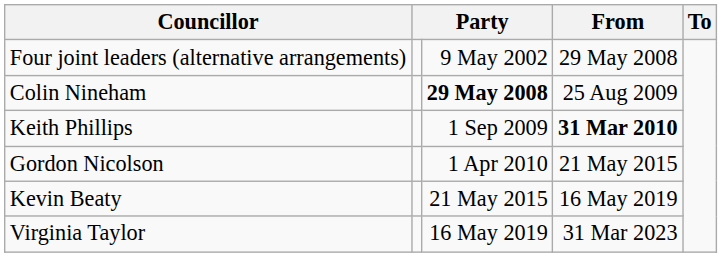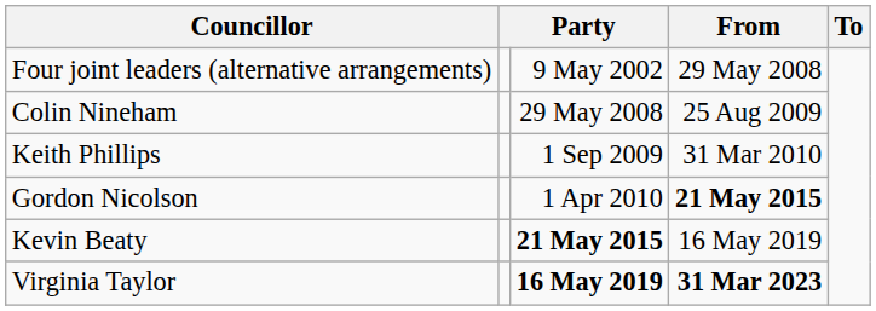 <table class=wikitable>
 <tr>
 <th>Councillor</th>
 <th colspan=2>Party</th>
 <th>From</th>
 <th>To</th>
 </tr>
 <tr>
 <td>Four joint leaders (alternative arrangements)</td>
 <td></td>
 <td align=right>9 May 2002</td>
 <td align=right>29 May 2008</td>
 </tr>
 <tr>
 <td>Colin Nineham</td>
 <td></td>
-<td align=right><strong>29 May 2008</strong></td>
+<td align=right>29 May 2008</td>
 <td align=right>25 Aug 2009</td>
 </tr>
 <tr>
 <td>Keith Phillips</td>
 <td></td>
 <td align=right>1 Sep 2009</td>
-<td align=right><strong>31 Mar 2010</strong></td>
+<td align=right>31 Mar 2010</td>
 </tr>
 <tr>
 <td>Gordon Nicolson</td>
 <td></td>
 <td align=right>1 Apr 2010</td>
-<td align=right>21 May 2015</td>
+<td align=right><strong>21 May 2015</strong></td>
 </tr>
 <tr>
 <td>Kevin Beaty</td>
 <td></td>
-<td align=right>21 May 2015</td>
+<td align=right><strong>21 May 2015</strong></td>
 <td align=right>16 May 2019</td>
 </tr>
 <tr>
 <td>Virginia Taylor</td>
 <td></td>
-<td align=right>16 May 2019</td>
-<td align=right>31 Mar 2023</td>
+<td align=right><strong>16 May 2019</strong></td>
+<td align=right><strong>31 Mar 2023</strong></td>
 </tr>
 </table>
